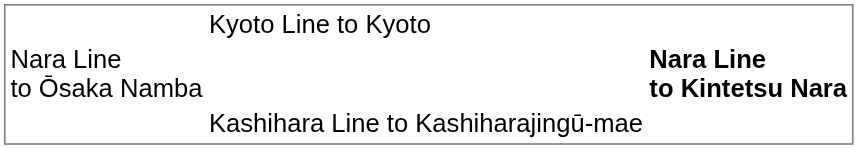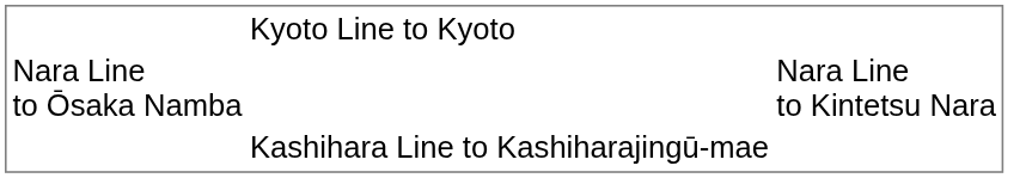 <table style="border:1px solid grey;">
 <tr>
 <td></td>
 <td align=left>Kyoto Line to Kyoto</td>
 <td></td>
 </tr>
 <tr>
 <td valign=middle>Nara Line<br>to Ōsaka Namba</td>
 <td valign=middle></td>
-<td valign=middle><strong>Nara Line<br>to Kintetsu Nara</strong></td>
+<td valign=middle>Nara Line<br>to Kintetsu Nara</td>
 </tr>
 <tr>
 <td></td>
 <td align=right>Kashihara Line to Kashiharajingū-mae</td>
 <td></td>
 </tr>
 </table>
